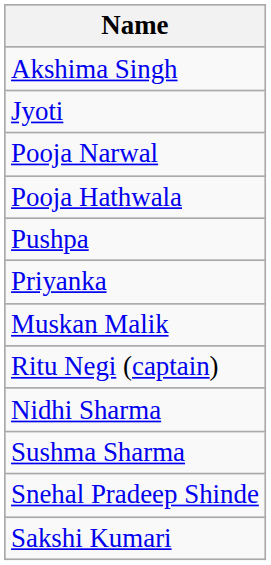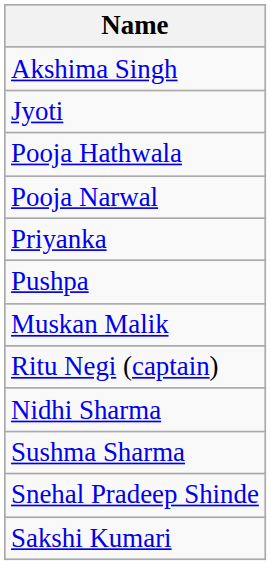 <table class="wikitable sortable" style="text-align: left">
 <tr>
 <th style="text-align:center;">Name</th>
 </tr>
 <tr>
 <td><a href='#'>Akshima Singh</a></td>
 </tr>
 <tr>
 <td><a href='#'>Jyoti</a></td>
 </tr>
 <tr>
+<td><a href='#'>Pooja Hathwala</a></td>
+</tr>
+<tr>
 <td><a href='#'>Pooja Narwal</a></td>
 </tr>
 <tr>
-<td><a href='#'>Pooja Hathwala</a></td>
+<td><a href='#'>Priyanka</a></td>
 </tr>
 <tr>
 <td><a href='#'>Pushpa</a></td>
-</tr>
-<tr>
-<td><a href='#'>Priyanka</a></td>
 </tr>
 <tr>
 <td><a href='#'>Muskan Malik</a></td>
 </tr>
 <tr>
 <td><a href='#'>Ritu Negi</a> (<a href='#'>captain</a>)</td>
 </tr>
 <tr>
 <td><a href='#'>Nidhi Sharma</a></td>
 </tr>
 <tr>
 <td><a href='#'>Sushma Sharma</a></td>
 </tr>
 <tr>
 <td><a href='#'>Snehal Pradeep Shinde</a></td>
 </tr>
 <tr>
 <td><a href='#'>Sakshi Kumari</a></td>
 </tr>
 </table>
